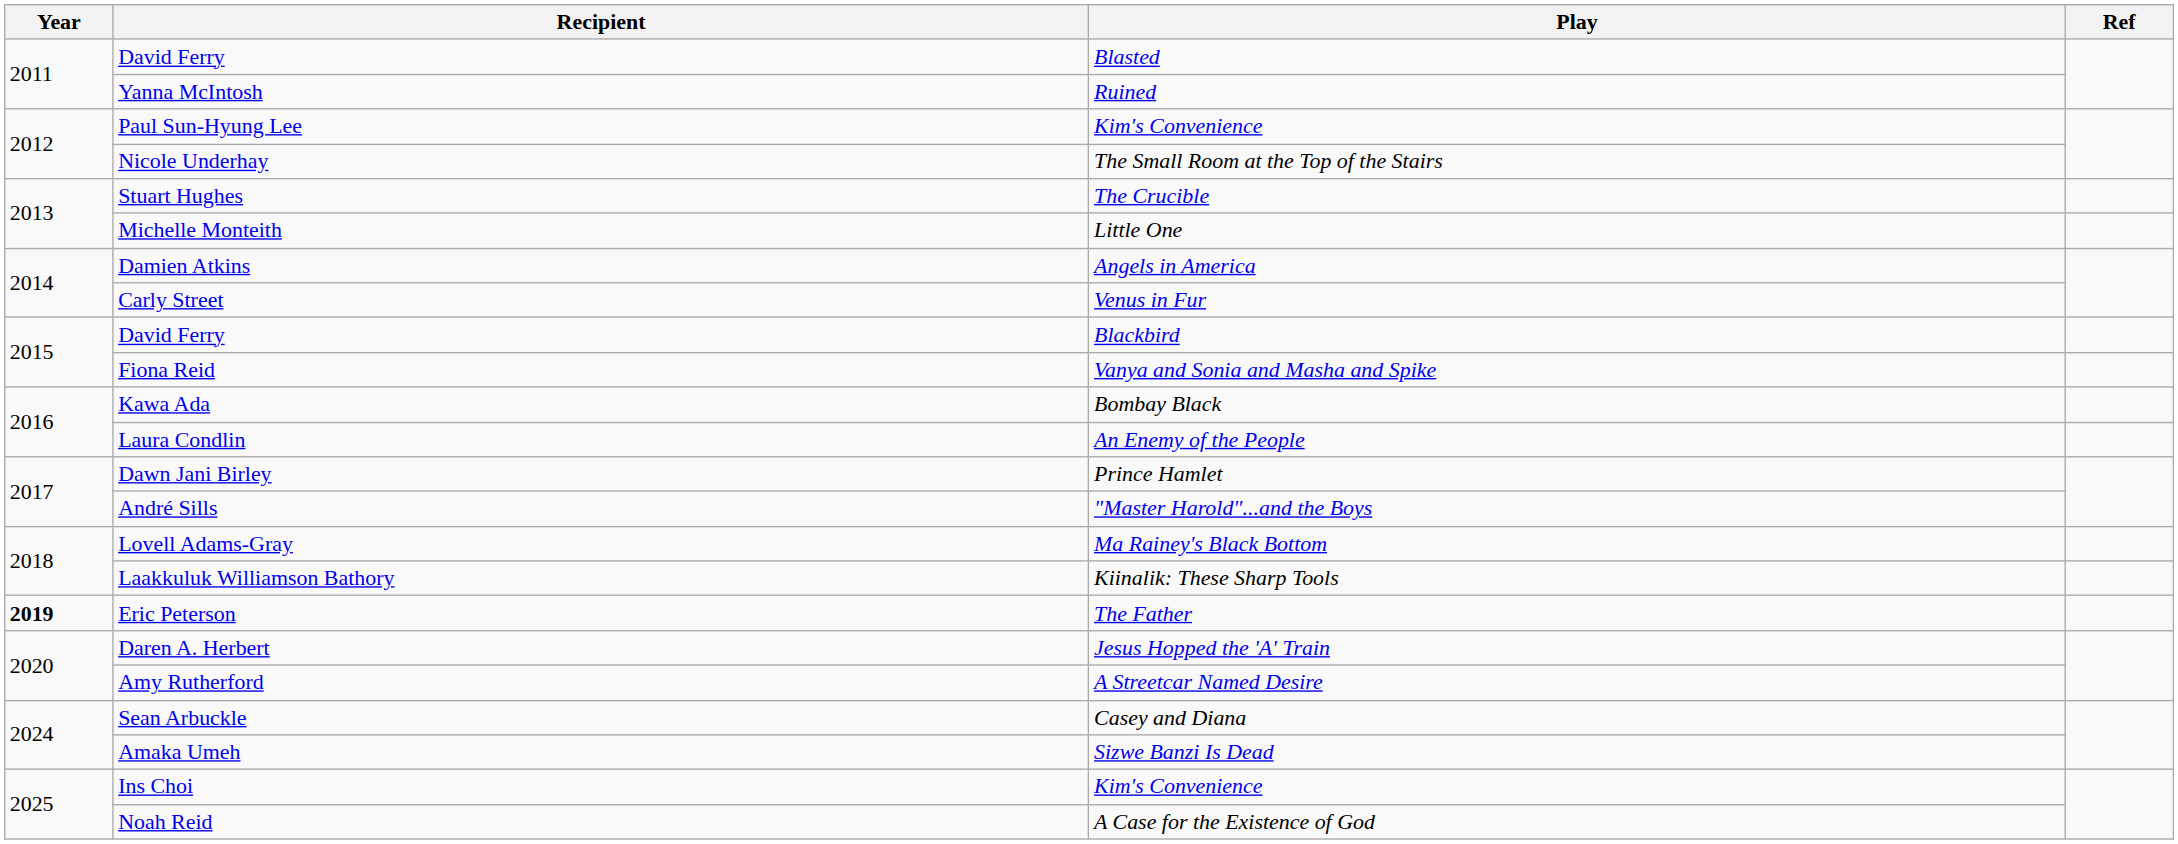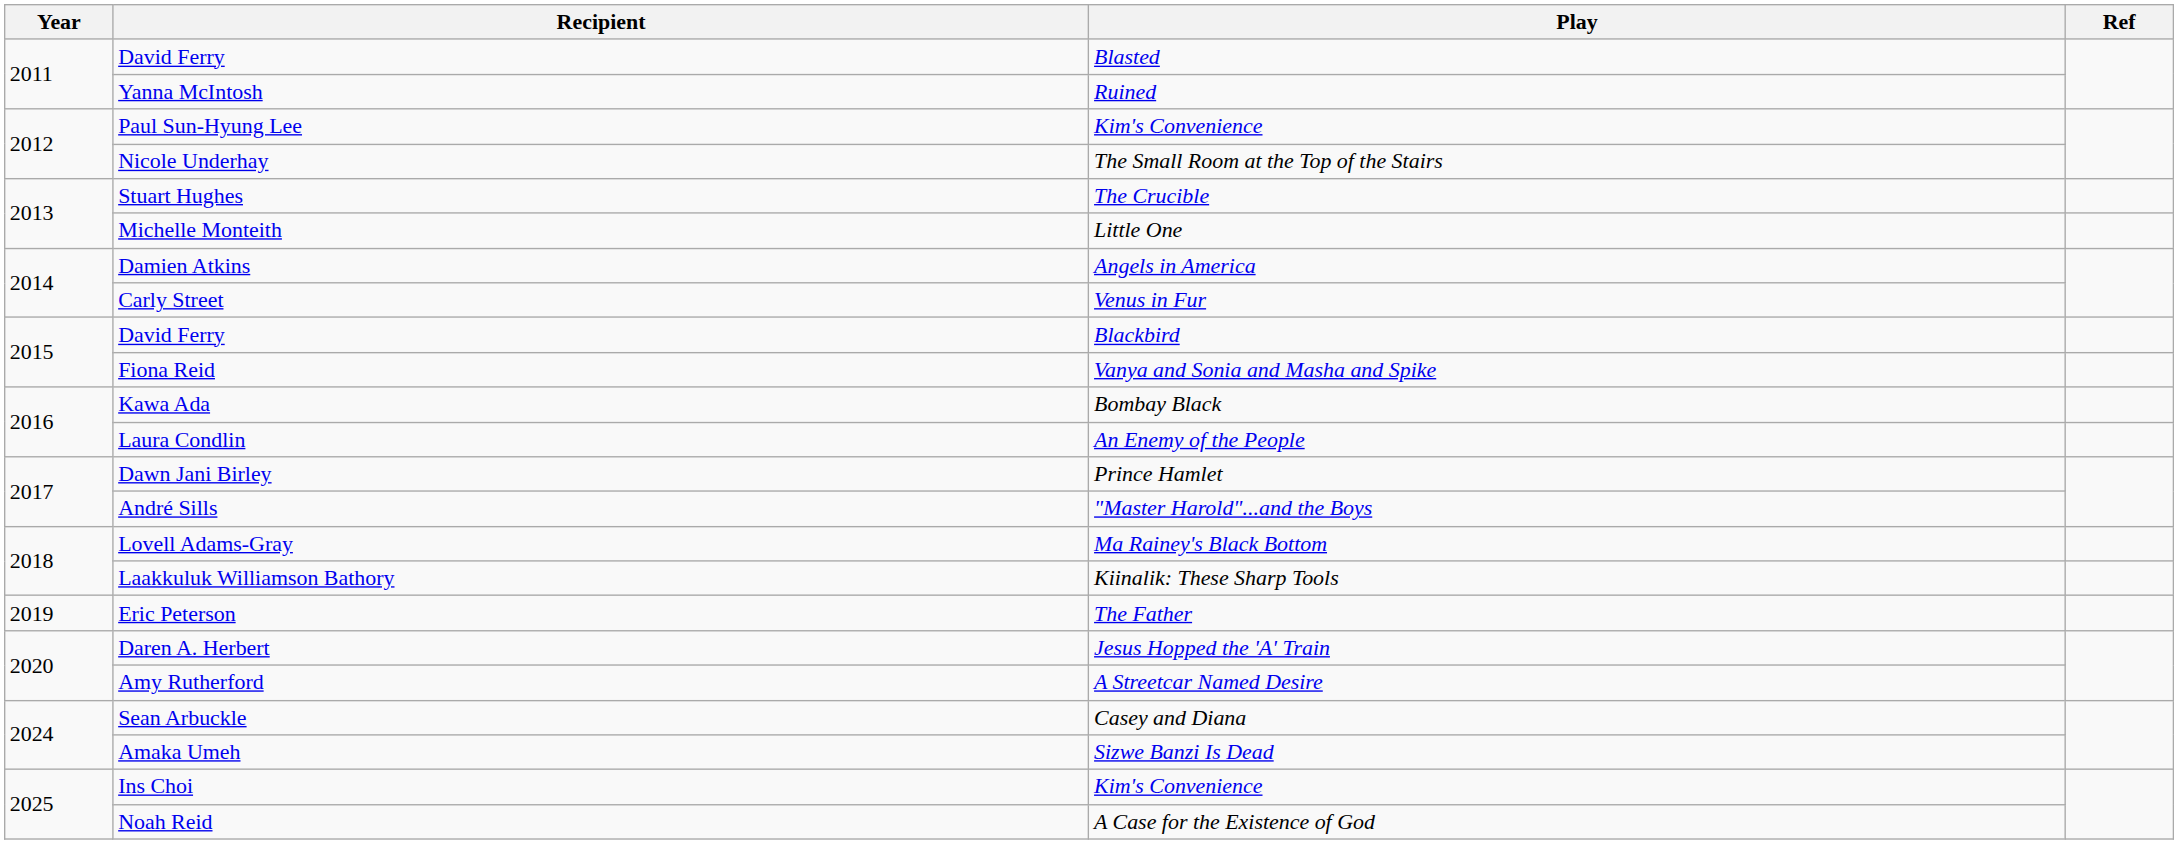 <table class = "wikitable sortable" width=100%>
 <tr>
 <th width=5%>Year</th>
 <th width=45%>Recipient</th>
 <th width=45%>Play</th>
 <th width=5%>Ref</th>
 </tr>
 <tr>
 <td rowspan=2>2011</td>
 <td><a href='#'>David Ferry</a></td>
 <td><em><a href='#'>Blasted</a></em></td>
 <td rowspan=2></td>
 </tr>
 <tr>
 <td><a href='#'>Yanna McIntosh</a></td>
 <td><em><a href='#'>Ruined</a></em></td>
 </tr>
 <tr>
 <td rowspan=2>2012</td>
 <td><a href='#'>Paul Sun-Hyung Lee</a></td>
 <td><em><a href='#'>Kim's Convenience</a></em></td>
 <td rowspan=2></td>
 </tr>
 <tr>
 <td><a href='#'>Nicole Underhay</a></td>
 <td><em>The Small Room at the Top of the Stairs</em></td>
 </tr>
 <tr>
 <td rowspan=2>2013</td>
 <td><a href='#'>Stuart Hughes</a></td>
 <td><em><a href='#'>The Crucible</a></em></td>
 <td></td>
 </tr>
 <tr>
 <td><a href='#'>Michelle Monteith</a></td>
 <td><em>Little One</em></td>
 </tr>
 <tr>
 <td rowspan=2>2014</td>
 <td><a href='#'>Damien Atkins</a></td>
 <td><em><a href='#'>Angels in America</a></em></td>
 <td rowspan=2></td>
 </tr>
 <tr>
 <td><a href='#'>Carly Street</a></td>
 <td><em><a href='#'>Venus in Fur</a></em></td>
 </tr>
 <tr>
 <td rowspan=2>2015</td>
 <td><a href='#'>David Ferry</a></td>
 <td><em><a href='#'>Blackbird</a></em></td>
 <td></td>
 </tr>
 <tr>
 <td><a href='#'>Fiona Reid</a></td>
 <td><em><a href='#'>Vanya and Sonia and Masha and Spike</a></em></td>
 </tr>
 <tr>
 <td rowspan=2>2016</td>
 <td><a href='#'>Kawa Ada</a></td>
 <td><em>Bombay Black</em></td>
 <td></td>
 </tr>
 <tr>
 <td><a href='#'>Laura Condlin</a></td>
 <td><em><a href='#'>An Enemy of the People</a></em></td>
 </tr>
 <tr>
 <td rowspan=2>2017</td>
 <td><a href='#'>Dawn Jani Birley</a></td>
 <td><em>Prince Hamlet</em></td>
 <td rowspan=2></td>
 </tr>
 <tr>
 <td><a href='#'>André Sills</a></td>
 <td><em><a href='#'>"Master Harold"...and the Boys</a></em></td>
 </tr>
 <tr>
 <td rowspan=2>2018</td>
 <td><a href='#'>Lovell Adams-Gray</a></td>
 <td><em><a href='#'>Ma Rainey's Black Bottom</a></em></td>
 <td></td>
 </tr>
 <tr>
 <td><a href='#'>Laakkuluk Williamson Bathory</a></td>
 <td><em>Kiinalik: These Sharp Tools</em></td>
 </tr>
 <tr>
-<td><strong>2019</strong></td>
+<td>2019</td>
 <td><a href='#'>Eric Peterson</a></td>
 <td><em><a href='#'>The Father</a></em></td>
 <td></td>
 </tr>
 <tr>
 <td rowspan=2>2020</td>
 <td><a href='#'>Daren A. Herbert</a></td>
 <td><em><a href='#'>Jesus Hopped the 'A' Train</a></em></td>
 <td rowspan=2></td>
 </tr>
 <tr>
 <td><a href='#'>Amy Rutherford</a></td>
 <td><em><a href='#'>A Streetcar Named Desire</a></em></td>
 </tr>
 <tr>
 <td rowspan=2>2024</td>
 <td><a href='#'>Sean Arbuckle</a></td>
 <td><em>Casey and Diana</em></td>
 <td rowspan=2></td>
 </tr>
 <tr>
 <td><a href='#'>Amaka Umeh</a></td>
 <td><em><a href='#'>Sizwe Banzi Is Dead</a></em></td>
 </tr>
 <tr>
 <td rowspan=2>2025</td>
 <td><a href='#'>Ins Choi</a></td>
 <td><em><a href='#'>Kim's Convenience</a></em></td>
 <td rowspan=2></td>
 </tr>
 <tr>
 <td><a href='#'>Noah Reid</a></td>
 <td><em>A Case for the Existence of God</em></td>
 </tr>
 </table>
